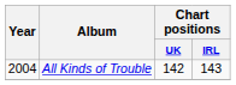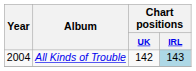 <table class="wikitable">
 <tr>
 <th rowspan="2">Year</th>
 <th rowspan="2">Album</th>
 <th colspan="2">Chart positions</th>
 </tr>
 <tr>
 <th width=40><small> <a href='#'>UK</a></small></th>
 <th width=40><small> <a href='#'>IRL</a></small></th>
 </tr>
 <tr>
 <td>2004</td>
 <td align="left"><em><a href='#'>All Kinds of Trouble</a></em></td>
 <td align="center">142</td>
-<td align="center">143</td>
+<td align="center" style="background: lightblue;">143</td>
 </tr>
 <tr>
 </tr>
 </table>
